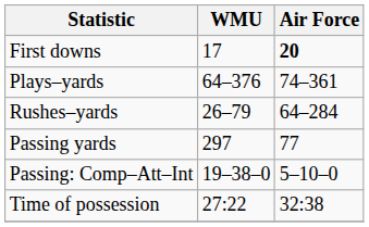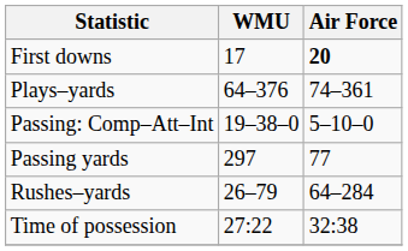 <table class="wikitable">
 <tr>
 <th>Statistic</th>
 <th><strong>WMU</strong></th>
 <th><strong>Air Force</strong></th>
 </tr>
 <tr>
 <td>First downs</td>
 <td>17</td>
 <td><strong>20</strong></td>
 </tr>
 <tr>
 <td>Plays–yards</td>
 <td>64–376</td>
 <td>74–361</td>
 </tr>
 <tr>
-<td>Rushes–yards</td>
-<td>26–79</td>
-<td>64–284</td>
+<td>Passing: Comp–Att–Int</td>
+<td>19–38–0</td>
+<td>5–10–0</td>
 </tr>
 <tr>
 <td>Passing yards</td>
 <td>297</td>
 <td>77</td>
 </tr>
 <tr>
-<td>Passing: Comp–Att–Int</td>
-<td>19–38–0</td>
-<td>5–10–0</td>
+<td>Rushes–yards</td>
+<td>26–79</td>
+<td>64–284</td>
 </tr>
 <tr>
 <td>Time of possession</td>
 <td>27:22</td>
 <td>32:38</td>
 </tr>
 <tr>
 </tr>
 </table>
